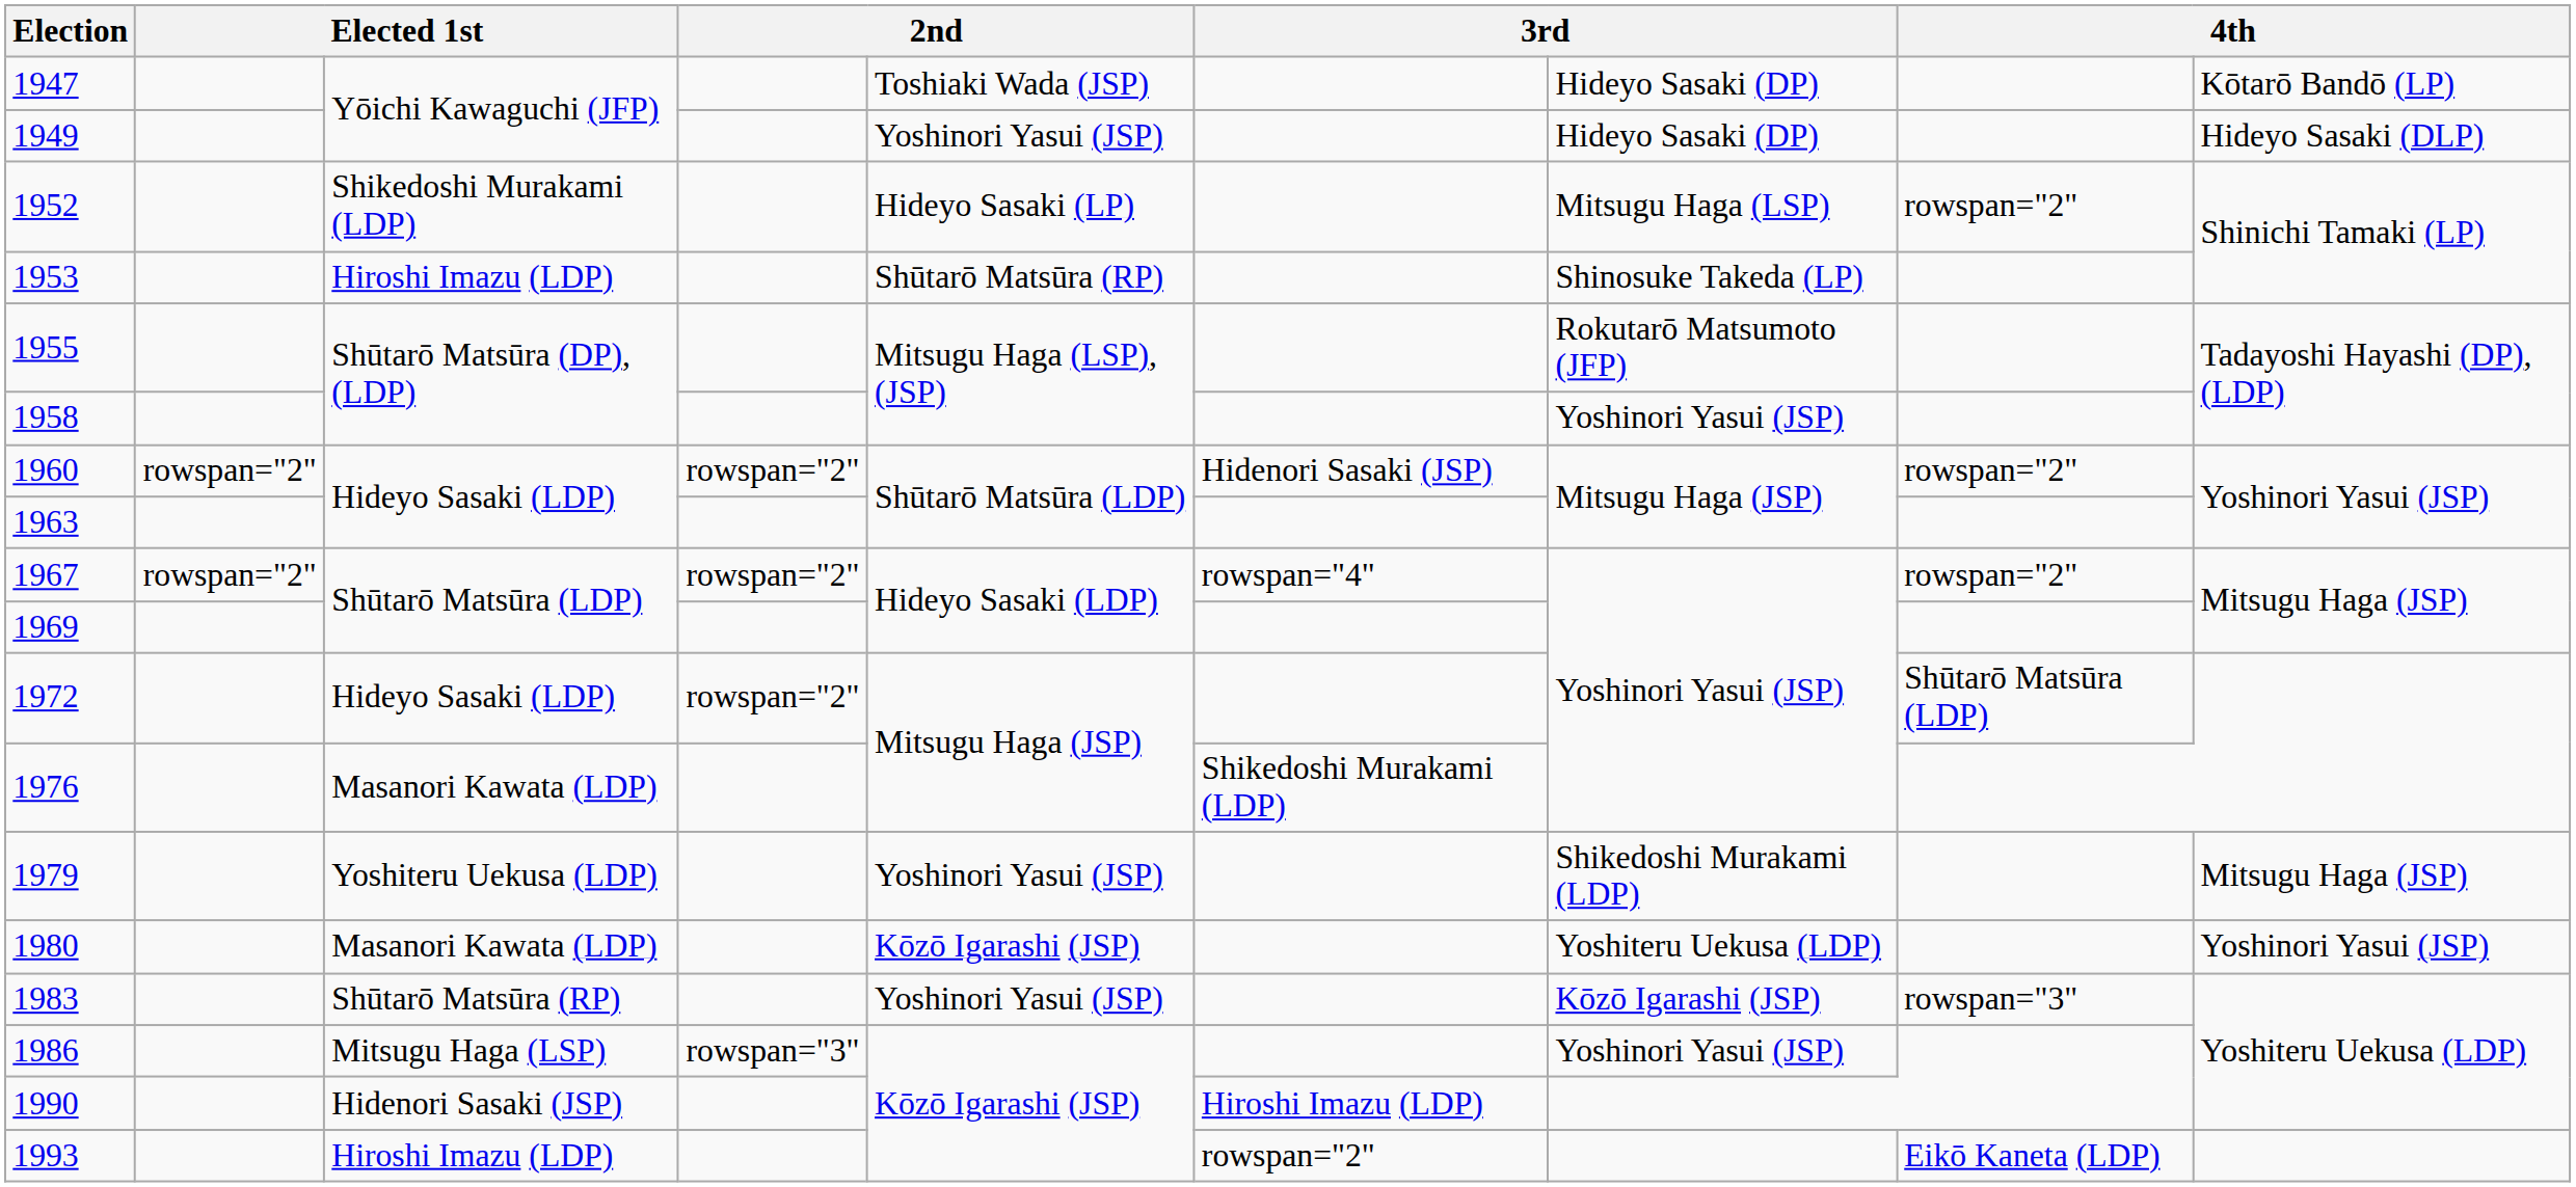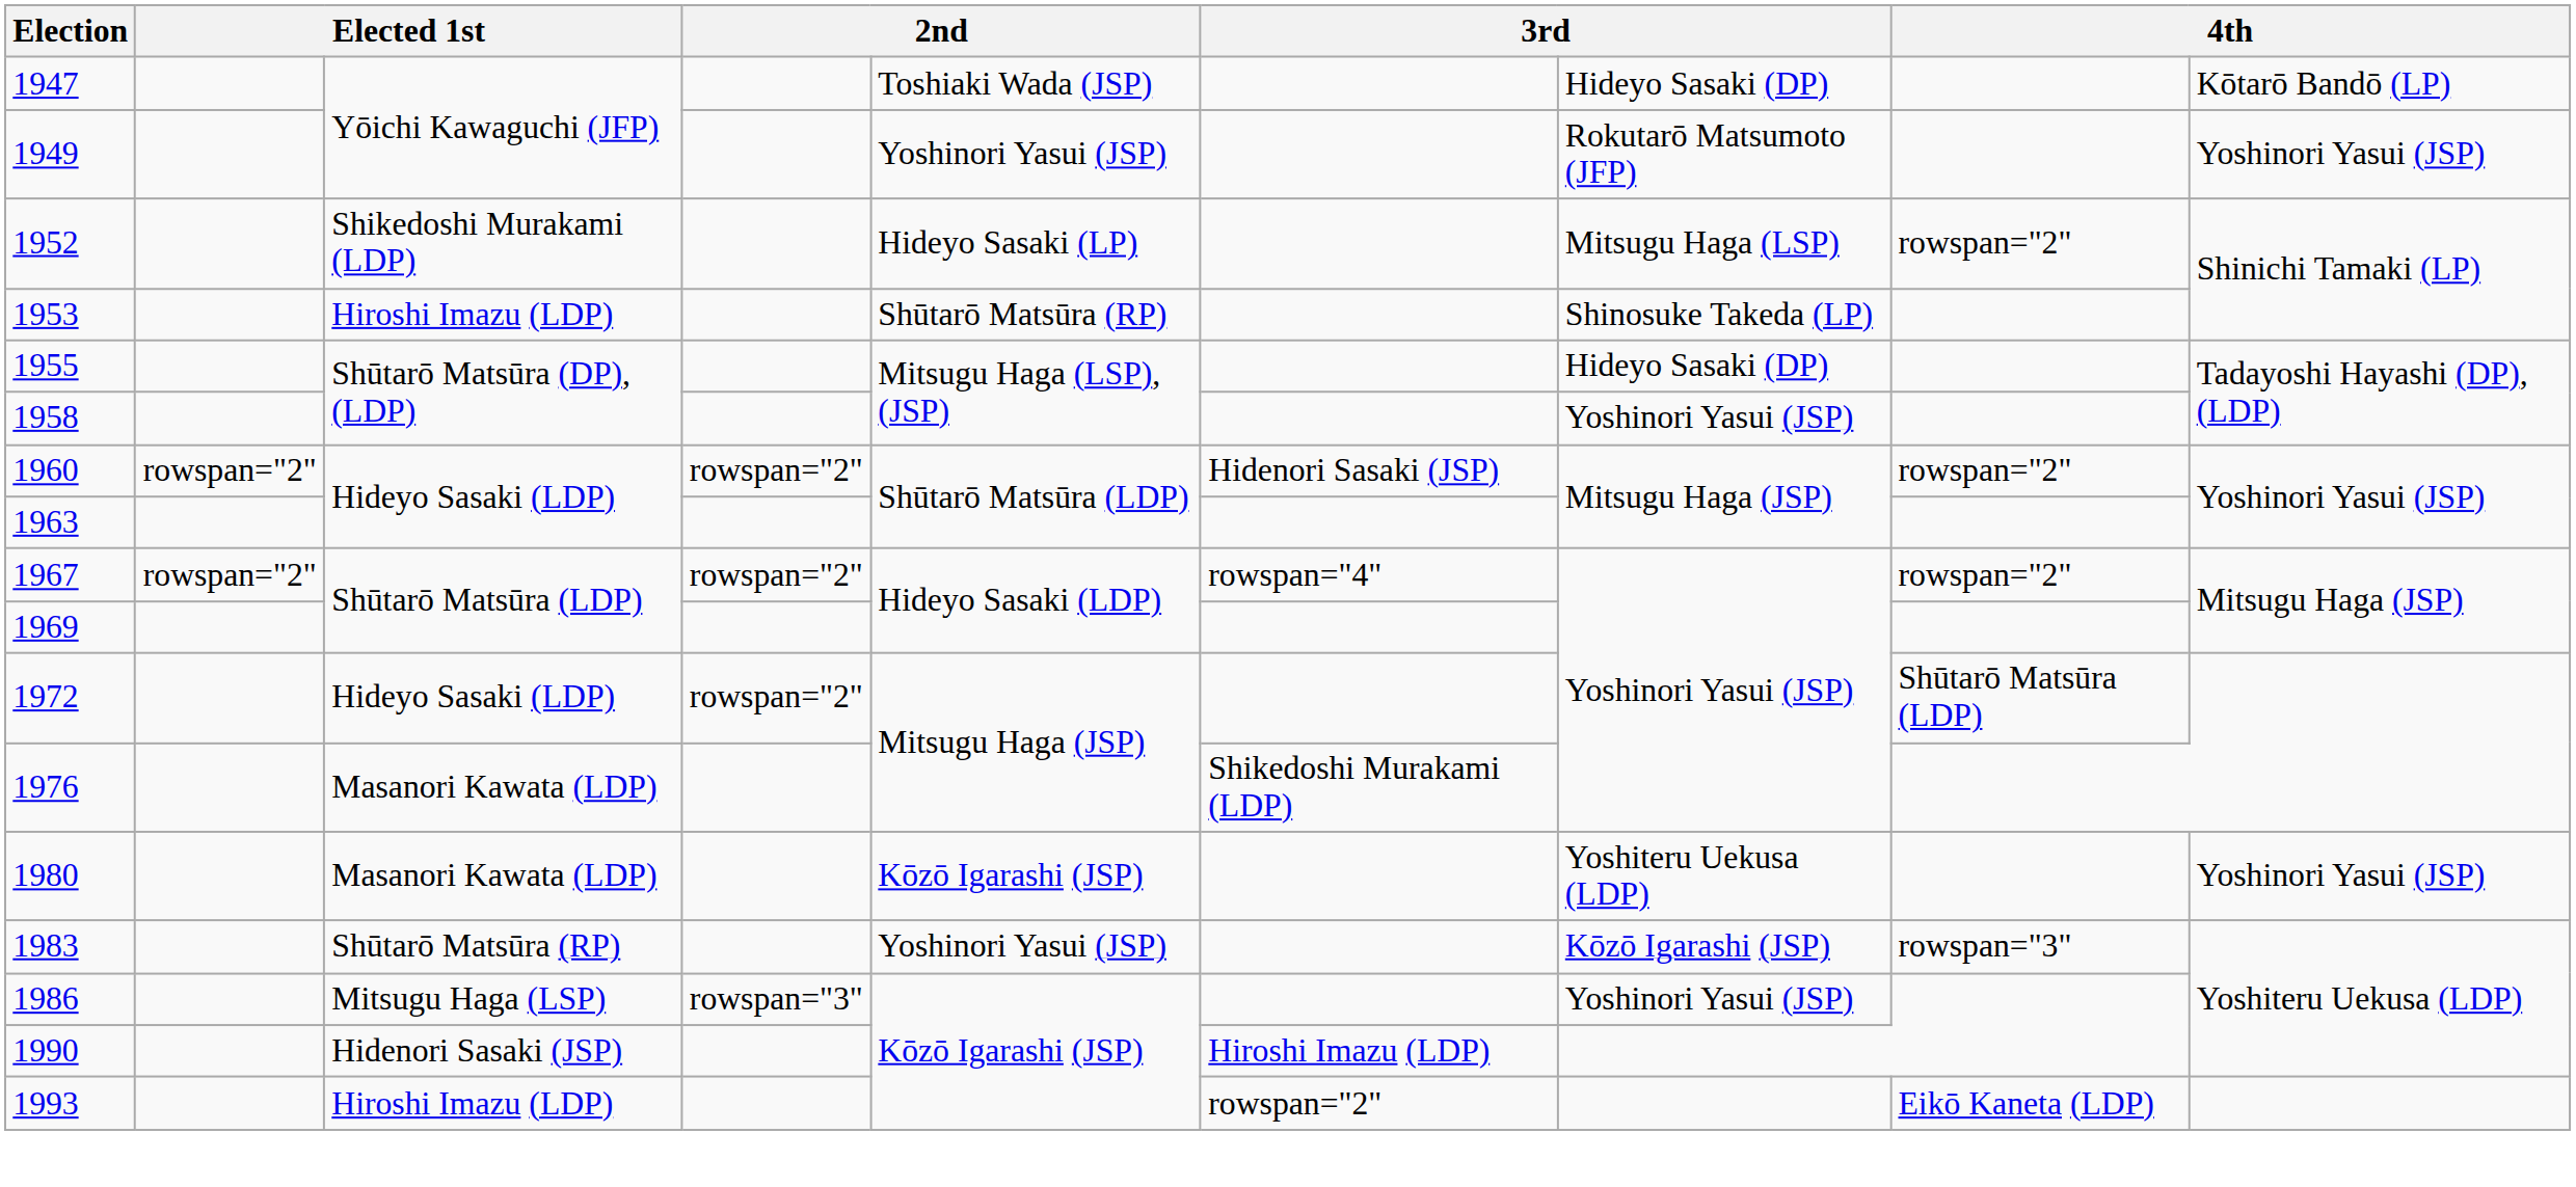 <table class="wikitable" border="1">
 <tr>
 <th>Election</th>
 <th colspan="2">Elected 1st</th>
 <th colspan="2">2nd</th>
 <th colspan="2">3rd</th>
 <th colspan="2">4th</th>
 </tr>
 <tr>
 <td><a href='#'>1947</a></td>
 <td></td>
 <td rowspan="2">Yōichi Kawaguchi <a href='#'>(JFP)</a></td>
 <td></td>
 <td>Toshiaki Wada <a href='#'>(JSP)</a></td>
 <td></td>
 <td>Hideyo Sasaki <a href='#'>(DP)</a></td>
 <td></td>
 <td>Kōtarō Bandō <a href='#'>(LP)</a></td>
 </tr>
 <tr>
 <td><a href='#'>1949</a></td>
 <td></td>
 <td></td>
 <td>Yoshinori Yasui <a href='#'>(JSP)</a></td>
 <td></td>
-<td>Hideyo Sasaki <a href='#'>(DP)</a></td>
+<td>Rokutarō Matsumoto <a href='#'>(JFP)</a></td>
 <td></td>
-<td>Hideyo Sasaki <a href='#'>(DLP)</a></td>
+<td>Yoshinori Yasui <a href='#'>(JSP)</a></td>
 </tr>
 <tr>
 <td><a href='#'>1952</a></td>
 <td></td>
 <td>Shikedoshi Murakami <a href='#'>(LDP)</a></td>
 <td></td>
 <td>Hideyo Sasaki <a href='#'>(LP)</a></td>
 <td></td>
 <td>Mitsugu Haga <a href='#'>(LSP)</a></td>
 <td>rowspan="2" </td>
 <td rowspan="2">Shinichi Tamaki <a href='#'>(LP)</a></td>
 </tr>
 <tr>
 <td><a href='#'>1953</a></td>
 <td></td>
 <td><a href='#'>Hiroshi Imazu</a> <a href='#'>(LDP)</a></td>
 <td></td>
 <td>Shūtarō Matsūra <a href='#'>(RP)</a></td>
 <td></td>
 <td>Shinosuke Takeda <a href='#'>(LP)</a></td>
 </tr>
 <tr>
 <td><a href='#'>1955</a></td>
 <td></td>
 <td rowspan="2">Shūtarō Matsūra <a href='#'>(DP)</a>, <a href='#'>(LDP)</a></td>
 <td></td>
 <td rowspan="2">Mitsugu Haga <a href='#'>(LSP)</a>, <a href='#'>(JSP)</a></td>
 <td></td>
-<td>Rokutarō Matsumoto <a href='#'>(JFP)</a></td>
+<td>Hideyo Sasaki <a href='#'>(DP)</a></td>
 <td></td>
 <td rowspan="2">Tadayoshi Hayashi <a href='#'>(DP)</a>, <a href='#'>(LDP)</a></td>
 </tr>
 <tr>
 <td><a href='#'>1958</a></td>
 <td></td>
 <td></td>
 <td></td>
 <td>Yoshinori Yasui <a href='#'>(JSP)</a></td>
 <td></td>
 </tr>
 <tr>
 <td><a href='#'>1960</a></td>
 <td>rowspan="2" </td>
 <td rowspan="2">Hideyo Sasaki <a href='#'>(LDP)</a></td>
 <td>rowspan="2" </td>
 <td rowspan="2">Shūtarō Matsūra <a href='#'>(LDP)</a></td>
 <td>Hidenori Sasaki <a href='#'>(JSP)</a></td>
 <td rowspan="2">Mitsugu Haga <a href='#'>(JSP)</a></td>
 <td>rowspan="2" </td>
 <td rowspan="2">Yoshinori Yasui <a href='#'>(JSP)</a></td>
 </tr>
 <tr>
 <td><a href='#'>1963</a></td>
 </tr>
 <tr>
 <td><a href='#'>1967</a></td>
 <td>rowspan="2" </td>
 <td rowspan="2">Shūtarō Matsūra <a href='#'>(LDP)</a></td>
 <td>rowspan="2" </td>
 <td rowspan="2">Hideyo Sasaki <a href='#'>(LDP)</a></td>
 <td>rowspan="4" </td>
 <td rowspan="4">Yoshinori Yasui <a href='#'>(JSP)</a></td>
 <td>rowspan="2" </td>
 <td rowspan="2">Mitsugu Haga <a href='#'>(JSP)</a></td>
 </tr>
 <tr>
 <td><a href='#'>1969</a></td>
 </tr>
 <tr>
 <td><a href='#'>1972</a></td>
 <td></td>
 <td>Hideyo Sasaki <a href='#'>(LDP)</a></td>
 <td>rowspan="2" </td>
 <td rowspan="2">Mitsugu Haga <a href='#'>(JSP)</a></td>
 <td></td>
 <td>Shūtarō Matsūra <a href='#'>(LDP)</a></td>
 </tr>
 <tr>
 <td><a href='#'>1976</a></td>
 <td></td>
 <td>Masanori Kawata <a href='#'>(LDP)</a></td>
 <td></td>
 <td>Shikedoshi Murakami <a href='#'>(LDP)</a></td>
 </tr>
 <tr>
-<td><a href='#'>1979</a></td>
-<td></td>
-<td>Yoshiteru Uekusa <a href='#'>(LDP)</a></td>
-<td></td>
-<td>Yoshinori Yasui <a href='#'>(JSP)</a></td>
-<td></td>
-<td>Shikedoshi Murakami <a href='#'>(LDP)</a></td>
-<td></td>
-<td>Mitsugu Haga <a href='#'>(JSP)</a></td>
-</tr>
-<tr>
 <td><a href='#'>1980</a></td>
 <td></td>
 <td>Masanori Kawata <a href='#'>(LDP)</a></td>
 <td></td>
 <td><a href='#'>Kōzō Igarashi</a> <a href='#'>(JSP)</a></td>
 <td></td>
 <td>Yoshiteru Uekusa <a href='#'>(LDP)</a></td>
 <td></td>
 <td>Yoshinori Yasui <a href='#'>(JSP)</a></td>
 </tr>
 <tr>
 <td><a href='#'>1983</a></td>
 <td></td>
 <td>Shūtarō Matsūra <a href='#'>(RP)</a></td>
 <td></td>
 <td>Yoshinori Yasui <a href='#'>(JSP)</a></td>
 <td></td>
 <td><a href='#'>Kōzō Igarashi</a> <a href='#'>(JSP)</a></td>
 <td>rowspan="3" </td>
 <td rowspan="3">Yoshiteru Uekusa <a href='#'>(LDP)</a></td>
 </tr>
 <tr>
 <td><a href='#'>1986</a></td>
 <td></td>
 <td>Mitsugu Haga <a href='#'>(LSP)</a></td>
 <td>rowspan="3" </td>
 <td rowspan="3"><a href='#'>Kōzō Igarashi</a> <a href='#'>(JSP)</a></td>
 <td></td>
 <td>Yoshinori Yasui <a href='#'>(JSP)</a></td>
 </tr>
 <tr>
 <td><a href='#'>1990</a></td>
 <td></td>
 <td>Hidenori Sasaki <a href='#'>(JSP)</a></td>
 <td></td>
 <td><a href='#'>Hiroshi Imazu</a> <a href='#'>(LDP)</a></td>
 </tr>
 <tr>
 <td><a href='#'>1993</a></td>
 <td></td>
 <td><a href='#'>Hiroshi Imazu</a> <a href='#'>(LDP)</a></td>
 <td></td>
 <td>rowspan="2" </td>
 <td></td>
 <td><a href='#'>Eikō Kaneta</a> <a href='#'>(LDP)</a></td>
 </tr>
 </table>
